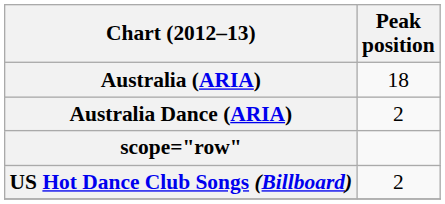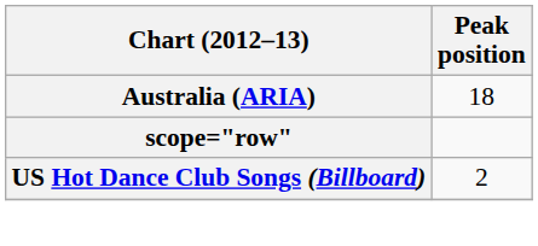 <table class="wikitable sortable plainrowheaders">
 <tr>
 <th scope="col">Chart (2012–13)</th>
 <th scope="col">Peak<br>position</th>
 </tr>
 <tr>
 <th scope="row">Australia (<a href='#'>ARIA</a>)</th>
 <td style="text-align:center;">18</td>
-</tr>
-<tr>
-<th scope="row">Australia Dance (<a href='#'>ARIA</a>)</th>
-<td style="text-align:center;">2</td>
 </tr>
 <tr>
 <th>scope="row"</th>
 </tr>
 <tr>
 <th scope="row">US <a href='#'>Hot Dance Club Songs</a> <em>(<a href='#'>Billboard</a>)</em></th>
 <td style="text-align:center;">2</td>
 </tr>
 <tr>
 </tr>
 </table>
